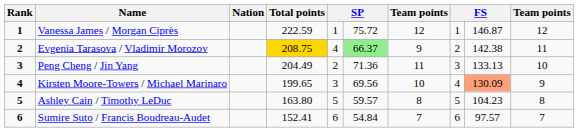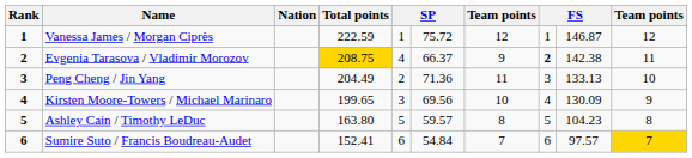 <table class="wikitable sortable">
 <tr>
 <th>Rank</th>
 <th>Name</th>
 <th>Nation</th>
 <th>Total points</th>
 <th colspan="2" width="80px"><a href='#'>SP</a></th>
 <th>Team points</th>
 <th colspan="2" width="80px"><a href='#'>FS</a></th>
 <th>Team points</th>
 </tr>
 <tr>
 <td style="text-align: center;"><strong>1</strong></td>
 <td><a href='#'>Vanessa James</a> / <a href='#'>Morgan Ciprès</a></td>
 <td></td>
 <td style="text-align: center;">222.59</td>
 <td style="text-align: center;">1</td>
 <td style="text-align: center;">75.72</td>
 <td style="text-align: center;">12</td>
 <td style="text-align: center;">1</td>
 <td style="text-align: center;">146.87</td>
 <td style="text-align: center;">12</td>
 </tr>
 <tr>
 <td style="text-align: center;"><strong>2</strong></td>
 <td><a href='#'>Evgenia Tarasova</a> / <a href='#'>Vladimir Morozov</a></td>
 <td></td>
 <td style="background: gold; text-align: center;">208.75</td>
 <td style="text-align: center;">4</td>
-<td style="background: lightgreen; text-align: center;">66.37</td>
+<td style="text-align: center;">66.37</td>
 <td style="text-align: center;">9</td>
-<td style="text-align: center;">2</td>
+<td style="text-align: center;"><strong>2</strong></td>
 <td style="text-align: center;">142.38</td>
 <td style="text-align: center;">11</td>
 </tr>
 <tr>
 <td style="text-align: center;"><strong>3</strong></td>
 <td><a href='#'>Peng Cheng</a> / <a href='#'>Jin Yang</a></td>
 <td></td>
 <td style="text-align: center;">204.49</td>
 <td style="text-align: center;">2</td>
 <td style="text-align: center;">71.36</td>
 <td style="text-align: center;">11</td>
 <td style="text-align: center;">3</td>
 <td style="text-align: center;">133.13</td>
 <td style="text-align: center;">10</td>
 </tr>
 <tr>
 <td style="text-align: center;"><strong>4</strong></td>
 <td><a href='#'>Kirsten Moore-Towers</a> / <a href='#'>Michael Marinaro</a></td>
 <td></td>
 <td style="text-align: center;">199.65</td>
 <td style="text-align: center;">3</td>
 <td style="text-align: center;">69.56</td>
 <td style="text-align: center;">10</td>
 <td style="text-align: center;">4</td>
-<td style="background: lightsalmon; text-align: center;">130.09</td>
+<td style="text-align: center;">130.09</td>
 <td style="text-align: center;">9</td>
 </tr>
 <tr>
 <td style="text-align: center;"><strong>5</strong></td>
 <td><a href='#'>Ashley Cain</a> / <a href='#'>Timothy LeDuc</a></td>
 <td></td>
 <td style="text-align: center;">163.80</td>
 <td style="text-align: center;">5</td>
 <td style="text-align: center;">59.57</td>
 <td style="text-align: center;">8</td>
 <td style="text-align: center;">5</td>
 <td style="text-align: center;">104.23</td>
 <td style="text-align: center;">8</td>
 </tr>
 <tr>
 <td style="text-align: center;"><strong>6</strong></td>
 <td><a href='#'>Sumire Suto</a> / <a href='#'>Francis Boudreau-Audet</a></td>
 <td></td>
 <td style="text-align: center;">152.41</td>
 <td style="text-align: center;">6</td>
 <td style="text-align: center;">54.84</td>
 <td style="text-align: center;">7</td>
 <td style="text-align: center;">6</td>
 <td style="text-align: center;">97.57</td>
-<td style="text-align: center;">7</td>
+<td style="background: gold; text-align: center;">7</td>
 </tr>
 </table>
